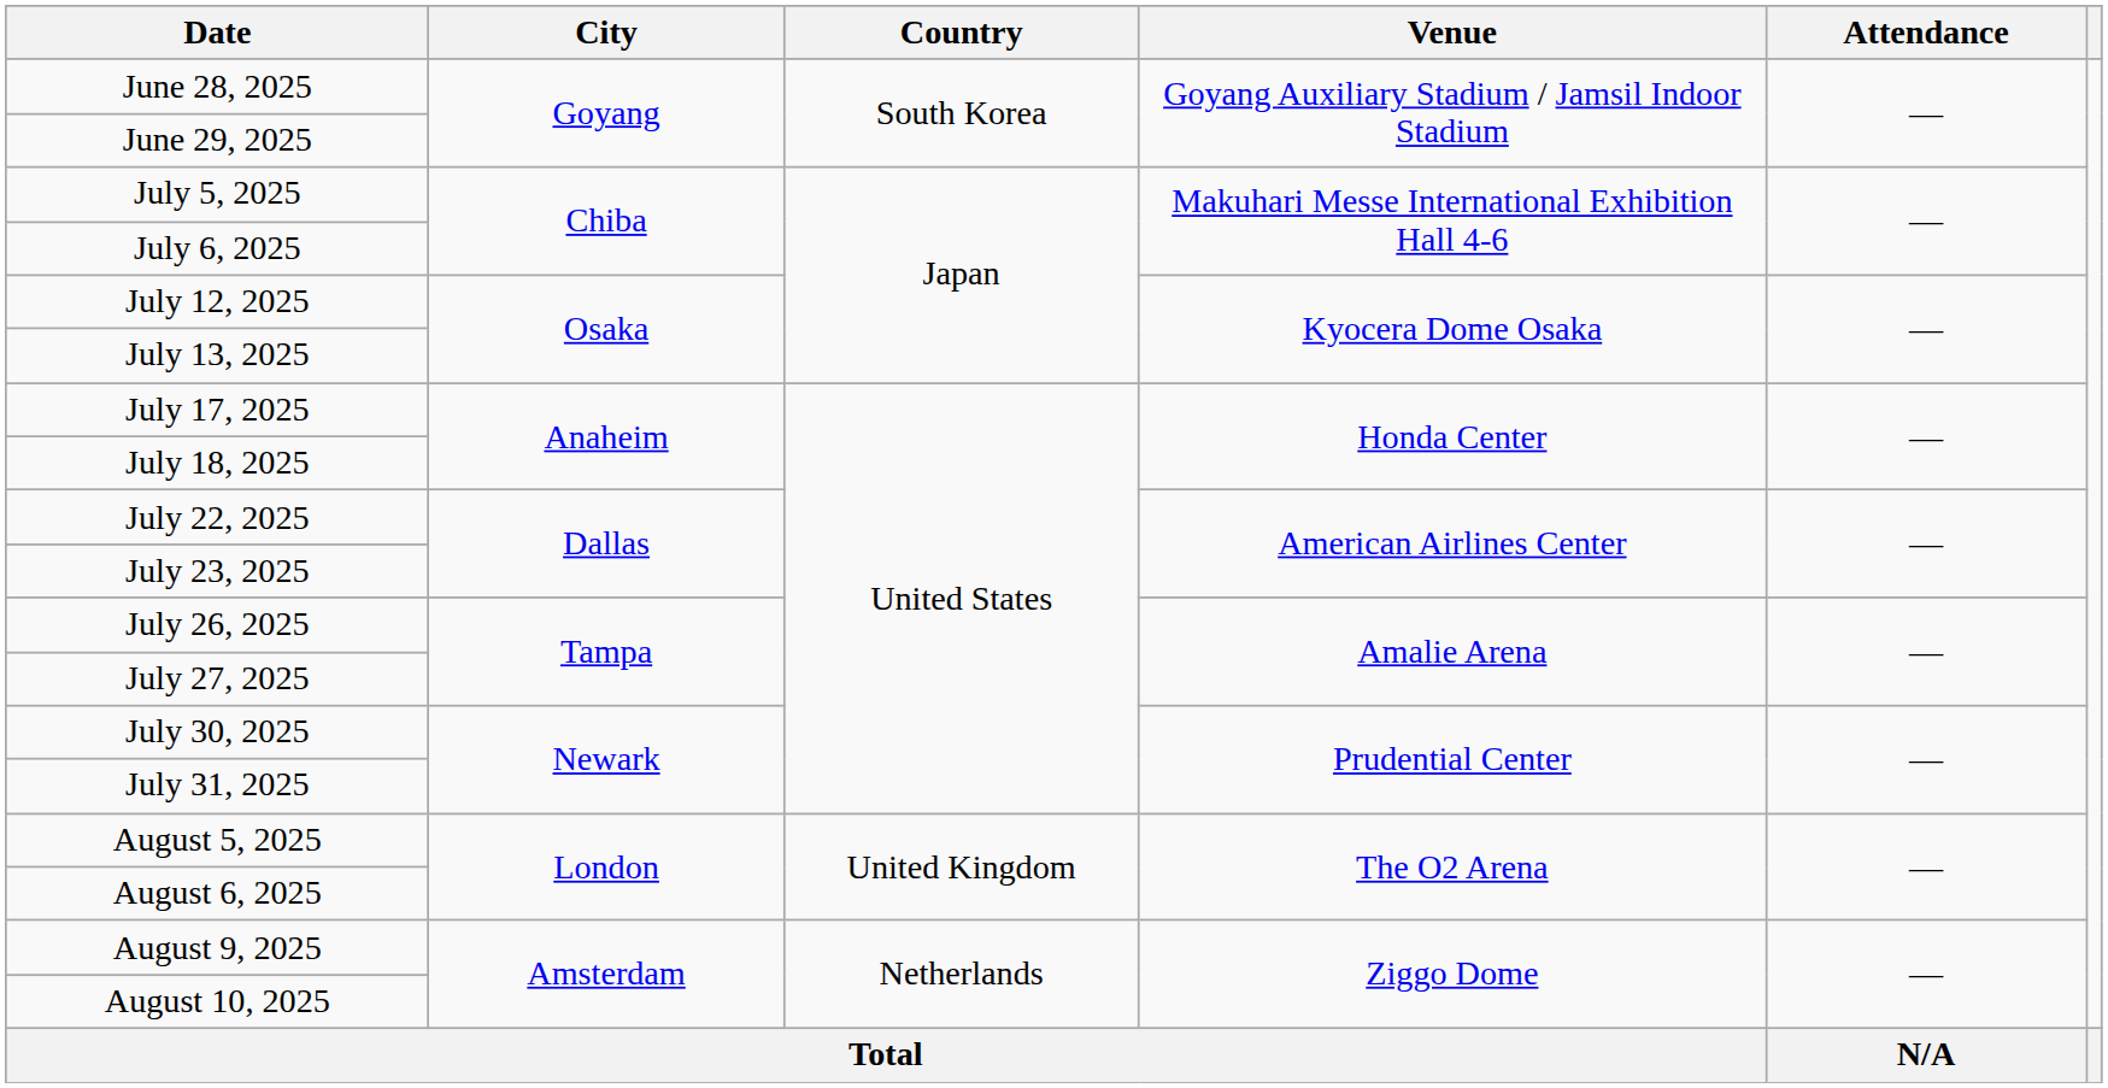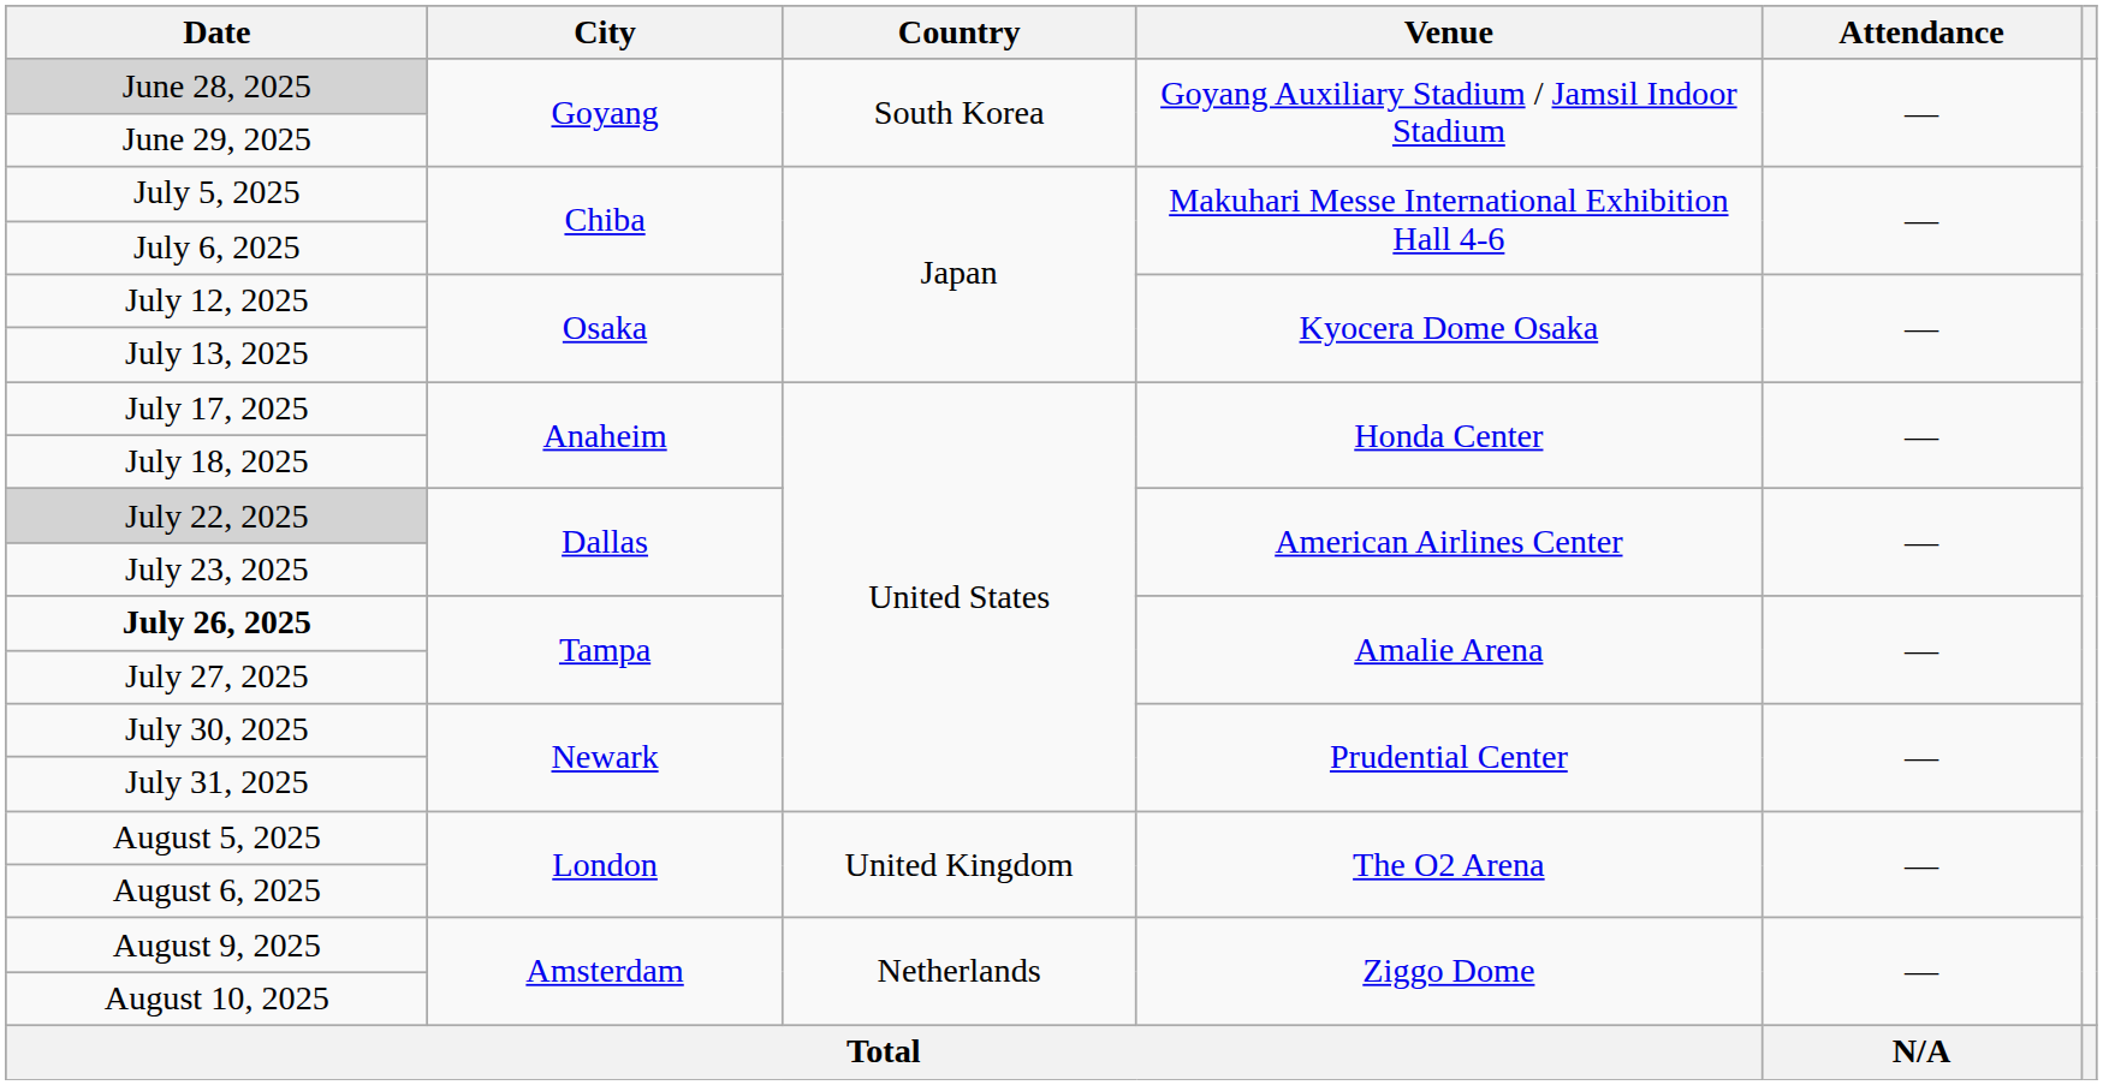 <table class="wikitable" style="text-align:center;">
 <tr>
 <th scope="col" style="width:12em;">Date</th>
 <th scope="col" style="width:10em;">City</th>
 <th scope="col" style="width:10em;">Country</th>
 <th scope="col" style="width:18em;">Venue</th>
 <th scope="col" style="width:9em;">Attendance</th>
 <th class="unsortable" scope="col"></th>
 </tr>
 <tr>
-<td>June 28, 2025</td>
+<td style="background: lightgrey;">June 28, 2025</td>
 <td rowspan="2"><a href='#'>Goyang</a></td>
 <td rowspan="2">South Korea</td>
 <td rowspan="2"><a href='#'>Goyang Auxiliary Stadium</a> / <a href='#'>Jamsil Indoor Stadium</a></td>
 <td rowspan="2">—</td>
 <td rowspan="18"></td>
 </tr>
 <tr>
 <td>June 29, 2025</td>
 </tr>
 <tr>
 <td>July 5, 2025</td>
 <td rowspan="2"><a href='#'>Chiba</a></td>
 <td rowspan="4">Japan</td>
 <td rowspan="2"><a href='#'>Makuhari Messe International Exhibition Hall 4-6</a></td>
 <td rowspan="2">—</td>
 </tr>
 <tr>
 <td>July 6, 2025</td>
 </tr>
 <tr>
 <td>July 12, 2025</td>
 <td rowspan="2"><a href='#'>Osaka</a></td>
 <td rowspan="2"><a href='#'>Kyocera Dome Osaka</a></td>
 <td rowspan="2">—</td>
 </tr>
 <tr>
 <td>July 13, 2025</td>
 </tr>
 <tr>
 <td>July 17, 2025</td>
 <td rowspan="2"><a href='#'>Anaheim</a></td>
 <td rowspan="8">United States</td>
 <td rowspan="2"><a href='#'>Honda Center</a></td>
 <td rowspan="2">—</td>
 </tr>
 <tr>
 <td>July 18, 2025</td>
 </tr>
 <tr>
-<td>July 22, 2025</td>
+<td style="background: lightgrey;">July 22, 2025</td>
 <td rowspan="2"><a href='#'>Dallas</a></td>
 <td rowspan="2"><a href='#'>American Airlines Center</a></td>
 <td rowspan="2">—</td>
 </tr>
 <tr>
 <td>July 23, 2025</td>
 </tr>
 <tr>
-<td>July 26, 2025</td>
+<td><strong>July 26, 2025</strong></td>
 <td rowspan="2"><a href='#'>Tampa</a></td>
 <td rowspan="2"><a href='#'>Amalie Arena</a></td>
 <td rowspan="2">—</td>
 </tr>
 <tr>
 <td>July 27, 2025</td>
 </tr>
 <tr>
 <td>July 30, 2025</td>
 <td rowspan="2"><a href='#'>Newark</a></td>
 <td rowspan="2"><a href='#'>Prudential Center</a></td>
 <td rowspan="2">—</td>
 </tr>
 <tr>
 <td>July 31, 2025</td>
 </tr>
 <tr>
 <td>August 5, 2025</td>
 <td rowspan="2"><a href='#'>London</a></td>
 <td rowspan="2">United Kingdom</td>
 <td rowspan="2"><a href='#'>The O2 Arena</a></td>
 <td rowspan="2">—</td>
 </tr>
 <tr>
 <td>August 6, 2025</td>
 </tr>
 <tr>
 <td>August 9, 2025</td>
 <td rowspan="2"><a href='#'>Amsterdam</a></td>
 <td rowspan="2">Netherlands</td>
 <td rowspan="2"><a href='#'>Ziggo Dome</a></td>
 <td rowspan="2">—</td>
 </tr>
 <tr>
 <td>August 10, 2025</td>
 </tr>
 <tr>
 <th colspan="4">Total</th>
 <th>N/A</th>
 <th></th>
 </tr>
 </table>
